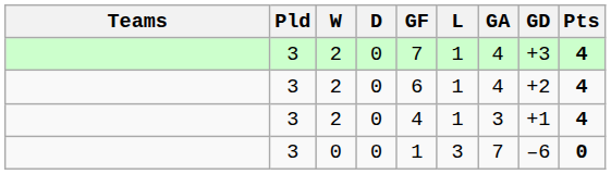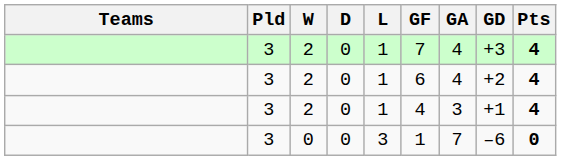 <table class="wikitable" style="text-align: center;">
 <tr>
 <th width=165>Teams</th>
 <th width=20>Pld</th>
 <th width=20>W</th>
 <th width=20>D</th>
+<th width=20>L</th>
 <th width=20>GF</th>
-<th width=20>L</th>
 <th width=20>GA</th>
 <th width=20>GD</th>
 <th width=20>Pts</th>
 </tr>
 <tr align=center style="background:#ccffcc;">
 <td style="text-align:left;"></td>
 <td>3</td>
 <td>2</td>
 <td>0</td>
+<td>1</td>
 <td>7</td>
-<td>1</td>
 <td>4</td>
 <td>+3</td>
 <td><strong>4</strong></td>
 </tr>
 <tr align=center>
 <td style="text-align:left;"></td>
 <td>3</td>
 <td>2</td>
 <td>0</td>
+<td>1</td>
 <td>6</td>
-<td>1</td>
 <td>4</td>
 <td>+2</td>
 <td><strong>4</strong></td>
 </tr>
 <tr align=center>
 <td style="text-align:left;"></td>
 <td>3</td>
 <td>2</td>
 <td>0</td>
+<td>1</td>
 <td>4</td>
-<td>1</td>
 <td>3</td>
 <td>+1</td>
 <td><strong>4</strong></td>
 </tr>
 <tr align=center>
 <td style="text-align:left;"></td>
 <td>3</td>
 <td>0</td>
 <td>0</td>
+<td>3</td>
 <td>1</td>
-<td>3</td>
 <td>7</td>
 <td>–6</td>
 <td><strong>0</strong></td>
 </tr>
 </table>
